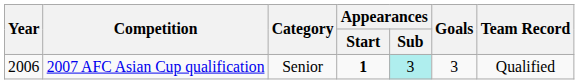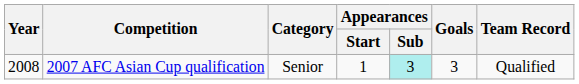 <table class="wikitable" style="text-align: center;">
 <tr>
 <th rowspan="2">Year</th>
 <th rowspan="2">Competition</th>
 <th rowspan="2">Category</th>
 <th colspan="2">Appearances</th>
 <th rowspan="2">Goals</th>
 <th rowspan="2">Team Record</th>
 </tr>
 <tr>
 <th>Start</th>
 <th>Sub</th>
 </tr>
 <tr>
-<td>2006</td>
+<td>2008</td>
 <td><a href='#'>2007 AFC Asian Cup qualification</a></td>
 <td>Senior</td>
-<td><strong>1</strong></td>
+<td>1</td>
 <td style="background: paleturquoise;">3</td>
 <td>3</td>
 <td>Qualified</td>
 </tr>
 </table>
